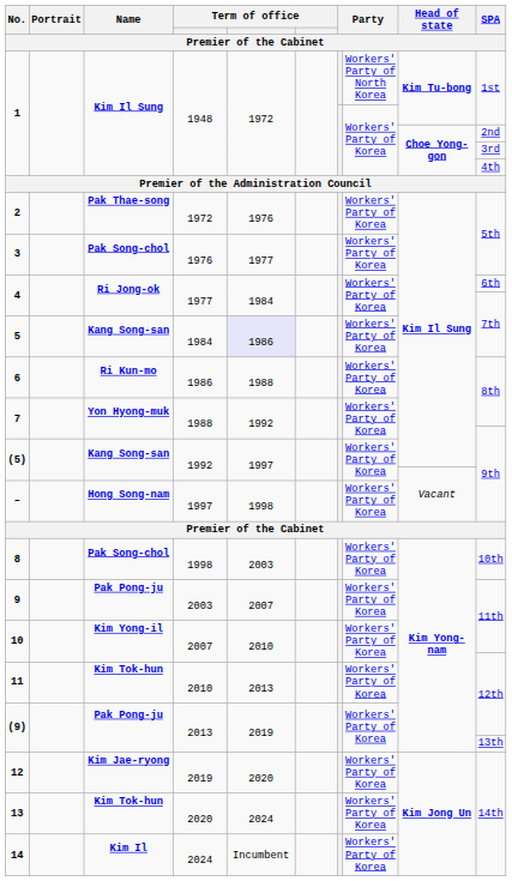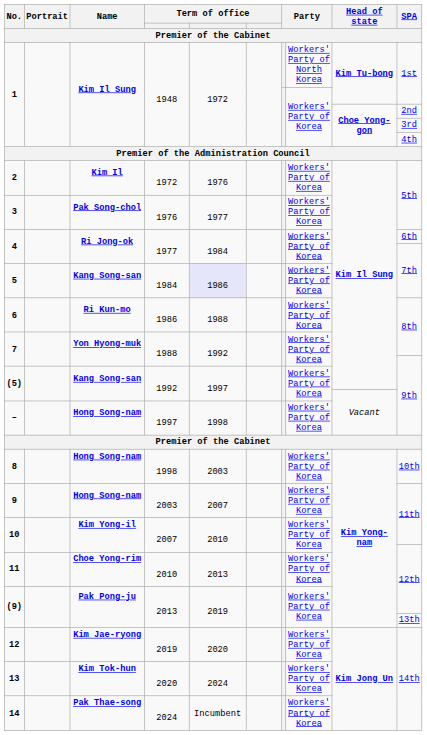 <table class="wikitable" style="text-align:center; width:100%;">
 <tr>
 <th rowspan="2">No.</th>
 <th rowspan="2">Portrait</th>
 <th rowspan="2" width="150">Name<br></th>
 <th colspan="3">Term of office</th>
 <th colspan="2" rowspan="2">Party</th>
 <th rowspan="2" width="125"><a href='#'>Head of state</a></th>
 <th rowspan="2"><a href='#'>SPA</a></th>
 </tr>
 <tr>
 <th width="85"></th>
 <th width="85"></th>
 <th width="85"></th>
 </tr>
 <tr>
 <th colspan="10">Premier of the Cabinet<br></th>
 </tr>
 <tr>
 <td rowspan="5"><strong>1</strong></td>
 <td rowspan="5"></td>
 <td rowspan="5"><strong><a href='#'>Kim Il Sung</a></strong><br><br></td>
 <td rowspan="5"><br>1948</td>
 <td rowspan="5"><br>1972</td>
 <td rowspan="5"></td>
 <th style="background:"></th>
 <td><a href='#'>Workers' Party of North Korea</a><br></td>
 <td rowspan="2"><strong><a href='#'>Kim Tu-bong</a></strong><br></td>
 <td rowspan="2"><a href='#'>1st</a></td>
 </tr>
 <tr style="height:25px;">
 <th rowspan="4" style="background:"></th>
 <td rowspan="4"><a href='#'>Workers' Party of Korea</a><br></td>
 </tr>
 <tr>
 <td rowspan="3"><strong><a href='#'>Choe Yong-gon</a></strong><br></td>
 <td><a href='#'>2nd</a></td>
 </tr>
 <tr>
 <td><a href='#'>3rd</a></td>
 </tr>
 <tr>
 <td><a href='#'>4th</a></td>
 </tr>
 <tr>
 <th colspan="10">Premier of the Administration Council<br></th>
 </tr>
 <tr>
 <td><strong>2</strong></td>
 <td></td>
-<td><strong><a href='#'>Pak Thae-song</a></strong><br><br><br></td>
+<td><strong><a href='#'>Kim Il</a></strong><br><br></td>
 <td><br>1972</td>
 <td><br>1976</td>
 <td></td>
 <th style="background:"></th>
 <td><a href='#'>Workers' Party of Korea</a></td>
 <td rowspan="9"><strong><a href='#'>Kim Il Sung</a></strong><br></td>
 <td rowspan="2"><a href='#'>5th</a></td>
 </tr>
 <tr>
 <td><strong>3</strong></td>
 <td></td>
 <td><strong><a href='#'>Pak Song-chol</a></strong><br><br></td>
 <td><br>1976</td>
 <td><br>1977</td>
 <td></td>
 <th style="background:"></th>
 <td><a href='#'>Workers' Party of Korea</a></td>
 </tr>
 <tr>
 <td rowspan="2"><strong>4</strong></td>
 <td rowspan="2"></td>
 <td rowspan="2"><strong><a href='#'>Ri Jong-ok</a></strong><br><br></td>
 <td rowspan="2"><br>1977</td>
 <td rowspan="2"><br>1984</td>
 <td rowspan="2"></td>
 <th rowspan="2" style="background:"></th>
 <td rowspan="2"><a href='#'>Workers' Party of Korea</a></td>
 <td><a href='#'>6th</a></td>
 </tr>
 <tr>
 <td rowspan="2"><a href='#'>7th</a></td>
 </tr>
 <tr>
 <td><strong>5</strong></td>
 <td></td>
 <td><strong><a href='#'>Kang Song-san</a></strong><br><br></td>
 <td><br>1984</td>
 <td style="background: lavender;"><br>1986</td>
 <td></td>
 <th style="background:"></th>
 <td><a href='#'>Workers' Party of Korea</a></td>
 </tr>
 <tr>
 <td><strong>6</strong></td>
 <td></td>
 <td><strong><a href='#'>Ri Kun-mo</a></strong><br><br></td>
 <td><br>1986</td>
 <td><br>1988</td>
 <td></td>
 <th style="background:"></th>
 <td><a href='#'>Workers' Party of Korea</a></td>
 <td rowspan="2"><a href='#'>8th</a></td>
 </tr>
 <tr style="height:35px;">
 <td rowspan="2"><strong>7</strong></td>
 <td rowspan="2"></td>
 <td rowspan="2"><strong><a href='#'>Yon Hyong-muk</a></strong><br><br></td>
 <td rowspan="2"><br>1988</td>
 <td rowspan="2"><br>1992</td>
 <td rowspan="2"></td>
 <th rowspan="2" style="background:"></th>
 <td rowspan="2"><a href='#'>Workers' Party of Korea</a></td>
 </tr>
 <tr>
 <td rowspan="4"><a href='#'>9th</a></td>
 </tr>
 <tr style="height:35px;">
 <td rowspan="2"><strong>(5)</strong></td>
 <td rowspan="2"></td>
 <td rowspan="2"><strong><a href='#'>Kang Song-san</a></strong><br><br></td>
 <td rowspan="2"><br>1992</td>
 <td rowspan="2"><br>1997</td>
 <td rowspan="2"></td>
 <th rowspan="2" style="background:"></th>
 <td rowspan="2"><a href='#'>Workers' Party of Korea</a></td>
 </tr>
 <tr>
 <td rowspan="2"><em>Vacant</em><br></td>
 </tr>
 <tr>
 <td><strong>–</strong></td>
 <td></td>
 <td><strong><a href='#'>Hong Song-nam</a></strong><br><br></td>
 <td><br>1997</td>
 <td><br>1998</td>
 <td></td>
 <th style="background:"></th>
 <td><a href='#'>Workers' Party of Korea</a></td>
 </tr>
 <tr>
 <th colspan="10">Premier of the Cabinet<br></th>
 </tr>
 <tr>
 <td><strong>8</strong></td>
 <td></td>
-<td><strong><a href='#'>Pak Song-chol</a></strong><br><br></td>
+<td><strong><a href='#'>Hong Song-nam</a></strong><br><br><br></td>
 <td><br>1998</td>
 <td><br>2003</td>
 <td></td>
 <th style="background:"></th>
 <td><a href='#'>Workers' Party of Korea</a></td>
 <td rowspan="7"><strong><a href='#'>Kim Yong-nam</a></strong><br></td>
 <td><a href='#'>10th</a></td>
 </tr>
 <tr>
 <td><strong>9</strong></td>
 <td></td>
-<td><strong><a href='#'>Pak Pong-ju</a></strong><br><br><br></td>
+<td><strong><a href='#'>Hong Song-nam</a></strong><br><br></td>
 <td><br>2003</td>
 <td><br>2007</td>
 <td></td>
 <th style="background:"></th>
 <td><a href='#'>Workers' Party of Korea</a></td>
 <td rowspan="2"><a href='#'>11th</a></td>
 </tr>
 <tr style="height:40px;">
 <td rowspan="2"><strong>10</strong></td>
 <td rowspan="2"></td>
 <td rowspan="2"><strong><a href='#'>Kim Yong-il</a></strong><br><br><br></td>
 <td rowspan="2"><br>2007</td>
 <td rowspan="2"><br>2010</td>
 <td rowspan="2"></td>
 <th rowspan="2" style="background:"></th>
 <td rowspan="2"><a href='#'>Workers' Party of Korea</a></td>
 </tr>
 <tr>
 <td rowspan="3"><a href='#'>12th</a></td>
 </tr>
 <tr>
 <td><strong>11</strong></td>
 <td></td>
-<td><strong><a href='#'>Kim Tok-hun</a></strong><br><br><br></td>
+<td><strong><a href='#'>Choe Yong-rim</a></strong><br><br><br></td>
 <td><br>2010</td>
 <td><br>2013</td>
 <td></td>
 <th style="background:"></th>
 <td><a href='#'>Workers' Party of Korea</a></td>
 </tr>
 <tr style="height:40px;">
 <td rowspan="2"><strong>(9)</strong></td>
 <td rowspan="2"></td>
 <td rowspan="2"><strong><a href='#'>Pak Pong-ju</a></strong><br><br><br></td>
 <td rowspan="2"><br>2013</td>
 <td rowspan="2"><br>2019</td>
 <td rowspan="2"></td>
 <th rowspan="2" style="background:"></th>
 <td rowspan="2"><a href='#'>Workers' Party of Korea</a></td>
 </tr>
 <tr>
 <td><a href='#'>13th</a></td>
 </tr>
 <tr>
 <td><strong>12</strong></td>
 <td></td>
 <td><strong><a href='#'>Kim Jae-ryong</a></strong><br><br><br></td>
 <td><br>2019</td>
 <td><br>2020</td>
 <td></td>
 <th style="background:"></th>
 <td><a href='#'>Workers' Party of Korea</a></td>
 <td rowspan="3"><strong><a href='#'>Kim Jong Un</a></strong><br></td>
 <td rowspan="3"><a href='#'>14th</a></td>
 </tr>
 <tr>
 <td><strong>13</strong></td>
 <td></td>
 <td><strong><a href='#'>Kim Tok-hun</a></strong><br><br><br></td>
 <td><br>2020</td>
 <td><br>2024</td>
 <td></td>
 <th style="background:"></th>
 <td><a href='#'>Workers' Party of Korea</a></td>
 </tr>
 <tr>
 <td><strong>14</strong></td>
 <td></td>
-<td><strong><a href='#'>Kim Il</a></strong><br><br></td>
+<td><strong><a href='#'>Pak Thae-song</a></strong><br><br><br></td>
 <td><br>2024</td>
 <td>Incumbent</td>
 <td></td>
 <th style="background:"></th>
 <td><a href='#'>Workers' Party of Korea</a></td>
 </tr>
 </table>
